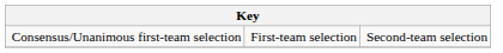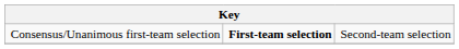 <table class="wikitable">
 <tr>
 <th colspan=3>Key</th>
 </tr>
 <tr>
 <td>  Consensus/Unanimous first-team selection</td>
-<td>  First-team selection</td>
+<td><strong>  First-team selection</strong></td>
 <td>  Second-team selection</td>
 </tr>
 <tr>
 </tr>
 </table>
